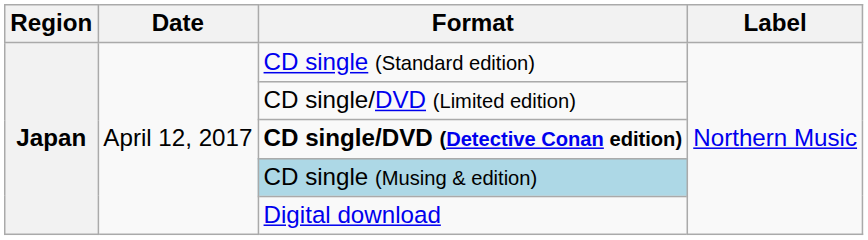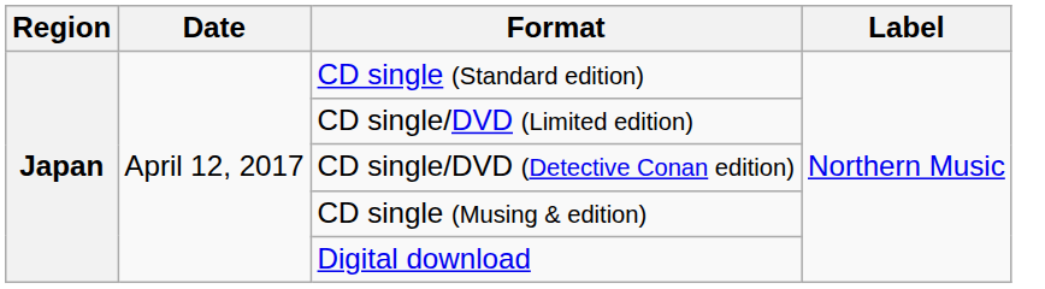 <table class="wikitable sortable plainrowheaders">
 <tr>
 <th scope="col">Region</th>
 <th scope="col">Date</th>
 <th scope="col">Format</th>
 <th scope="col">Label</th>
 </tr>
 <tr>
 <th rowspan="5">Japan</th>
 <td rowspan="5">April 12, 2017</td>
 <td><a href='#'>CD single</a> <small>(Standard edition)</small></td>
 <td rowspan="5"><a href='#'>Northern Music</a></td>
 </tr>
 <tr>
 <td>CD single/<a href='#'>DVD</a> <small>(Limited edition)</small></td>
 </tr>
 <tr>
-<td><strong>CD single/DVD <small>(<a href='#'>Detective Conan</a> edition)</small></strong></td>
+<td>CD single/DVD <small>(<a href='#'>Detective Conan</a> edition)</small></td>
 </tr>
 <tr>
-<td style="background: lightblue;">CD single <small>(Musing &  edition)</small></td>
+<td>CD single <small>(Musing &  edition)</small></td>
 </tr>
 <tr>
 <td><a href='#'>Digital download</a></td>
 </tr>
 </table>
